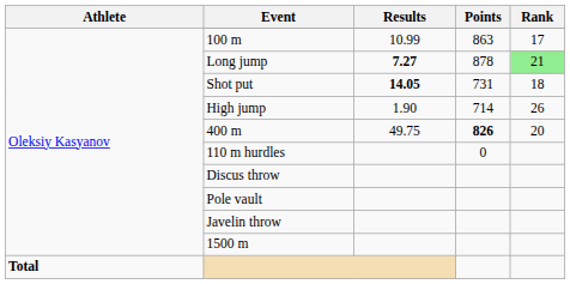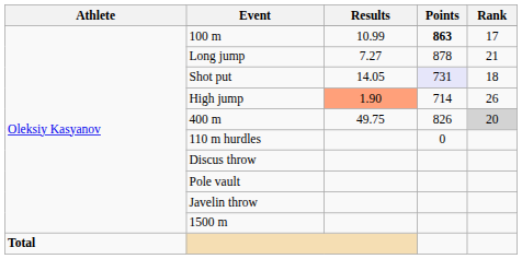 <table class=wikitable style="font-size:90%;">
 <tr>
 <th width=200>Athlete</th>
 <th width=150>Event</th>
 <th width=100>Results</th>
 <th width=50>Points</th>
 <th width=50>Rank</th>
 </tr>
 <tr>
 <td rowspan=11><a href='#'>Oleksiy Kasyanov</a></td>
 </tr>
 <tr>
 <td>100 m</td>
 <td align=center>10.99 </td>
-<td align=center>863</td>
+<td align=center><strong>863</strong></td>
 <td align=center>17</td>
 </tr>
 <tr>
 <td>Long jump</td>
-<td align=center><strong>7.27</strong></td>
+<td align=center>7.27</td>
 <td align=center>878</td>
-<td align=center style="background: lightgreen;">21</td>
+<td align=center>21</td>
 </tr>
 <tr>
 <td>Shot put</td>
-<td align=center><strong>14.05</strong></td>
-<td align=center>731</td>
+<td align=center>14.05</td>
+<td align=center style="background: lavender;">731</td>
 <td align=center>18</td>
 </tr>
 <tr>
 <td>High jump</td>
-<td align=center>1.90 </td>
+<td align=center style="background: lightsalmon;">1.90 </td>
 <td align=center>714</td>
 <td align=center>26</td>
 </tr>
 <tr>
 <td>400 m</td>
 <td align=center>49.75 </td>
-<td align=center><strong>826</strong></td>
-<td align=center>20</td>
+<td align=center>826</td>
+<td align=center style="background: lightgrey;">20</td>
 </tr>
 <tr>
 <td>110 m hurdles</td>
 <td align=center></td>
 <td align=center>0</td>
 <td align=center></td>
 </tr>
 <tr>
 <td>Discus throw</td>
 <td align=center></td>
 <td align=center></td>
 <td align=center></td>
 </tr>
 <tr>
 <td>Pole vault</td>
 <td align=center></td>
 <td align=center></td>
 <td align=center></td>
 </tr>
 <tr>
 <td>Javelin throw</td>
 <td align=center></td>
 <td align=center></td>
 <td align=center></td>
 </tr>
 <tr>
 <td>1500 m</td>
 <td align=center></td>
 <td align=center></td>
 <td align=center></td>
 </tr>
 <tr>
 <td><strong>Total</strong></td>
 <td colspan=2 style="background:wheat;"></td>
 <td align=center></td>
 <td align=center></td>
 </tr>
 </table>
